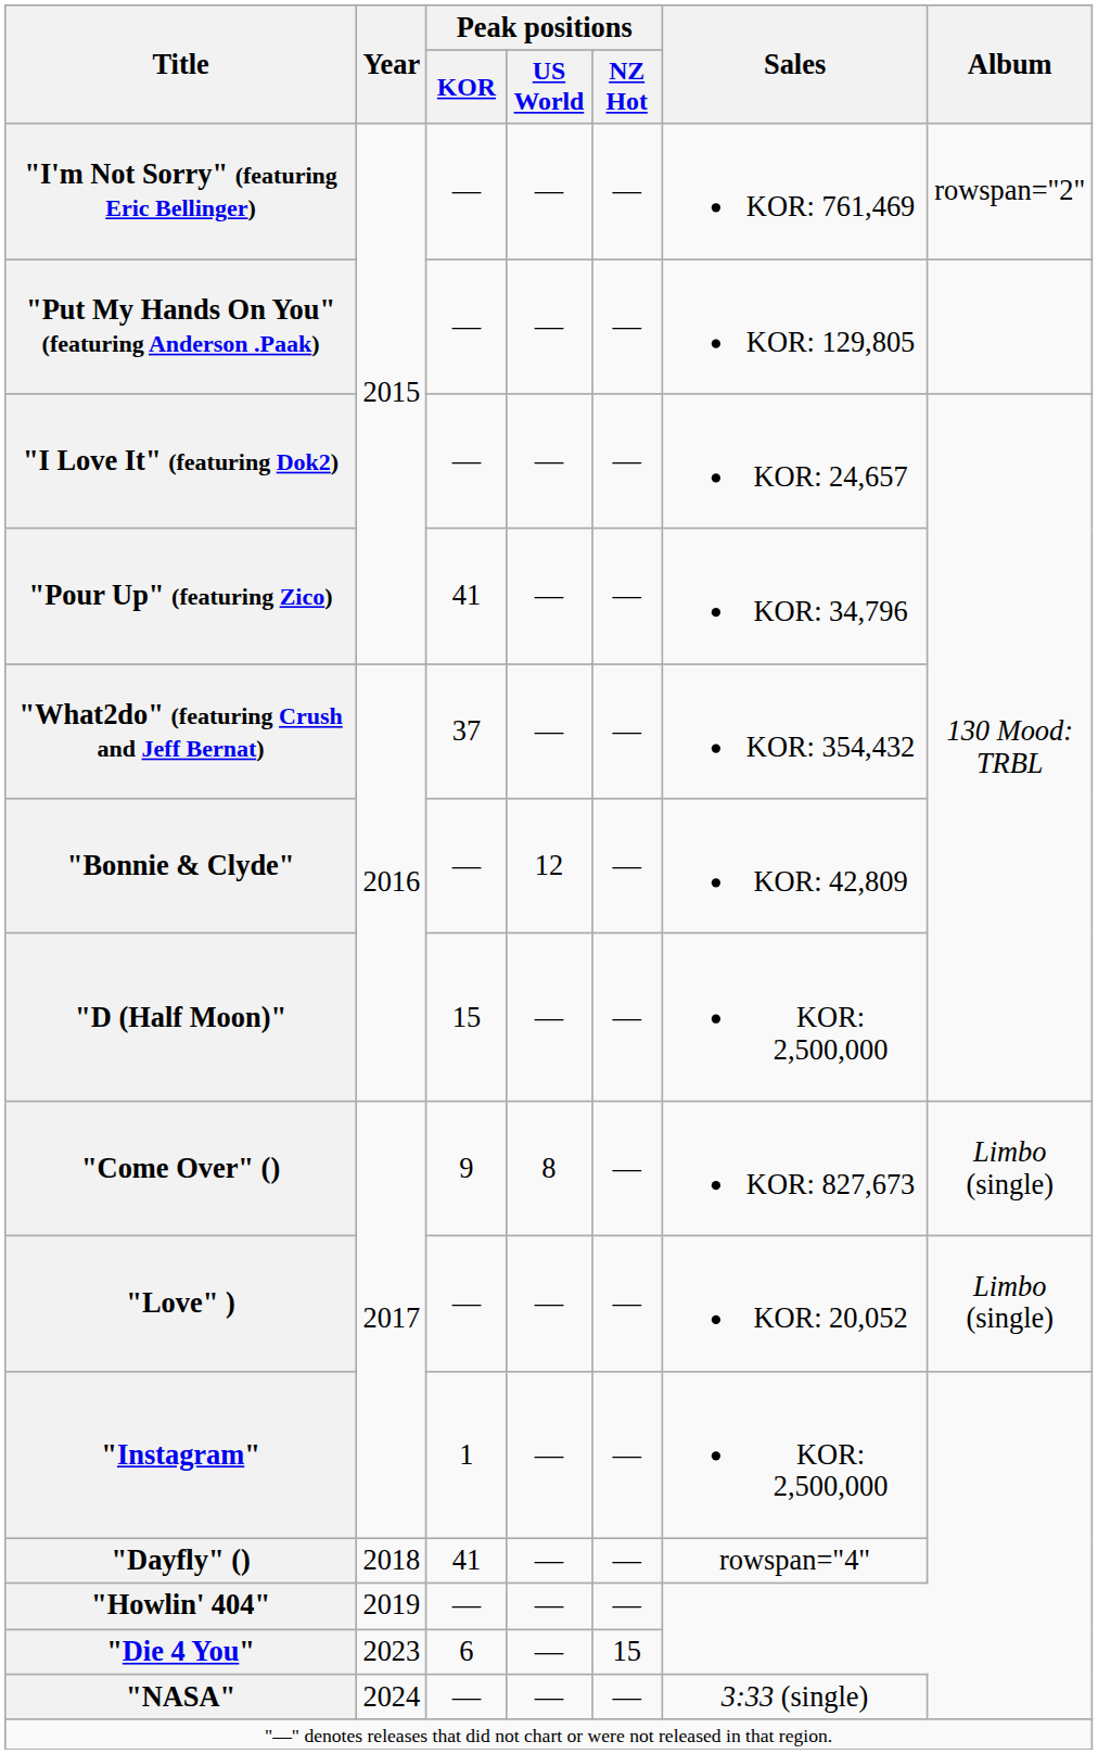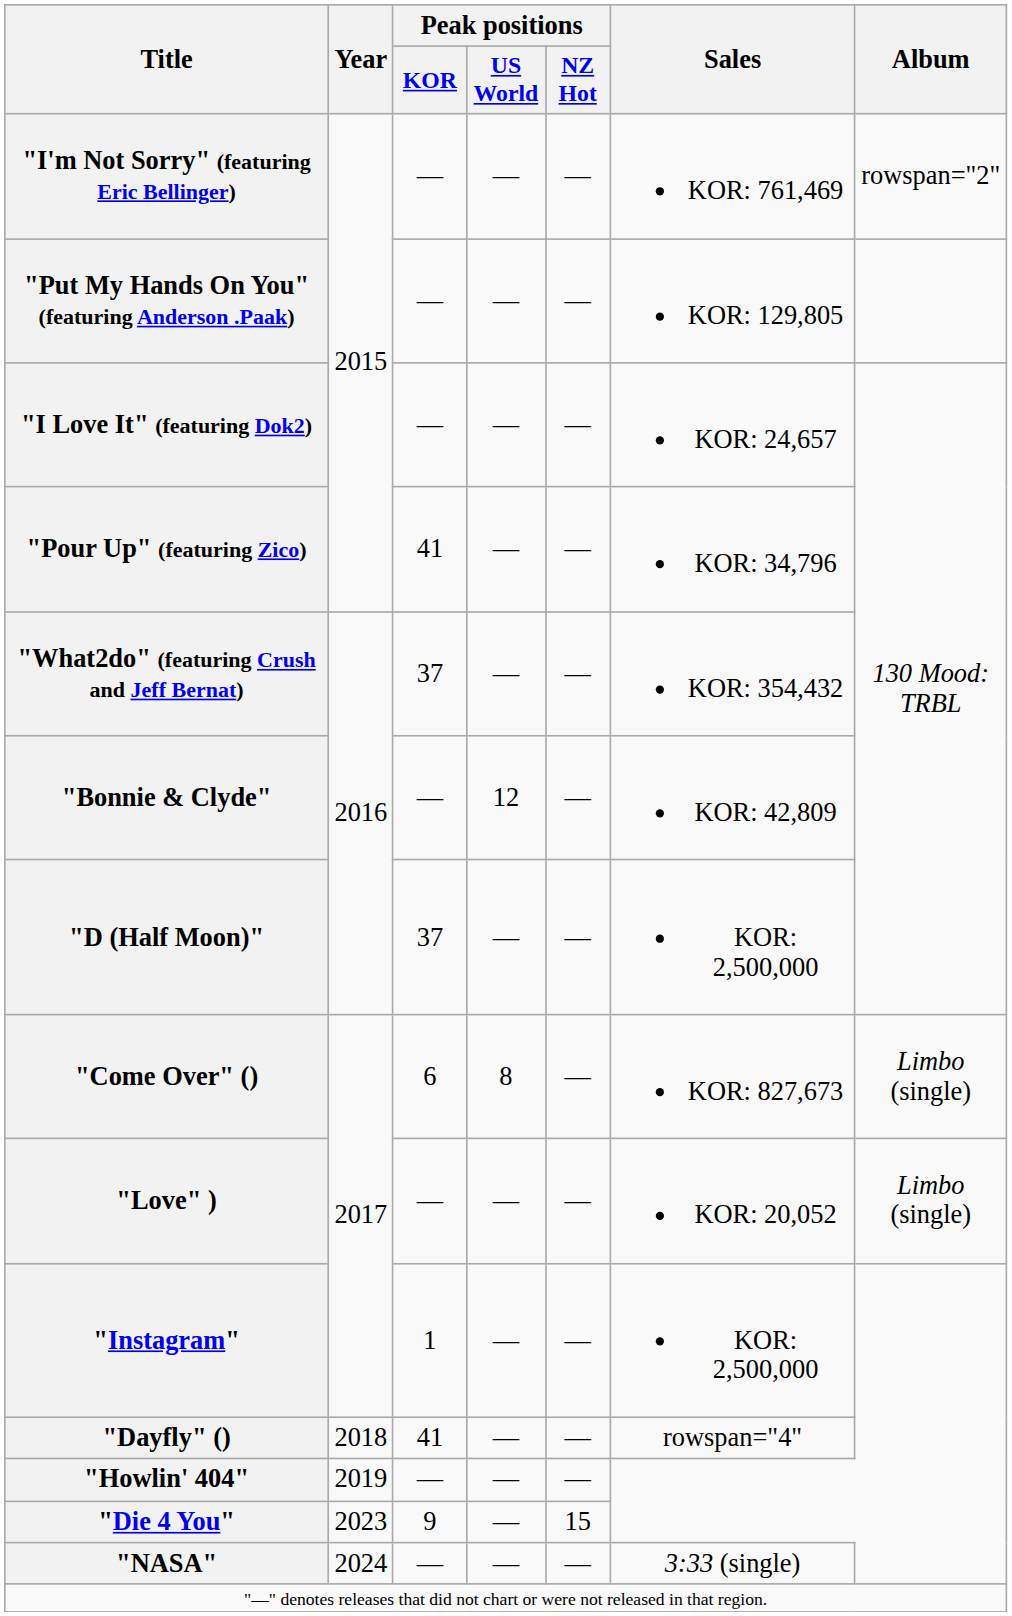 <table class="wikitable plainrowheaders" style="text-align:center;">
 <tr>
 <th scope="col" rowspan="2" style="width:19em;">Title</th>
 <th scope="col" rowspan="2">Year</th>
 <th scope="col" colspan="3">Peak positions</th>
 <th scope="col" rowspan="2" style="width:11.5em;">Sales</th>
 <th scope="col" rowspan="2">Album</th>
 </tr>
 <tr>
 <th scope="col" style="width:3em;font-size:90%;"><a href='#'>KOR</a><br></th>
 <th scope="col" style="width:3em;font-size:90%;"><a href='#'>US<br>World</a><br></th>
 <th scope="col" style="width:3em;font-size:90%;"><a href='#'>NZ<br>Hot</a><br></th>
 </tr>
 <tr>
 <th scope="row">"I'm Not Sorry" <small>(featuring <a href='#'>Eric Bellinger</a>)</small></th>
 <td rowspan=4>2015</td>
 <td>—</td>
 <td>—</td>
 <td>—</td>
 <td><br><ul><li>KOR: 761,469</li></ul></td>
 <td>rowspan="2" </td>
 </tr>
 <tr>
 <th scope="row">"Put My Hands On You" <br> <small>(featuring <a href='#'>Anderson .Paak</a>)</small></th>
 <td>—</td>
 <td>—</td>
 <td>—</td>
 <td><br><ul><li>KOR: 129,805</li></ul></td>
 </tr>
 <tr>
 <th scope="row">"I Love It" <small>(featuring <a href='#'>Dok2</a>)</small></th>
 <td>—</td>
 <td>—</td>
 <td>—</td>
 <td><br><ul><li>KOR: 24,657</li></ul></td>
 <td rowspan="5"><em>130 Mood: TRBL</em></td>
 </tr>
 <tr>
 <th scope="row">"Pour Up" <small>(featuring <a href='#'>Zico</a>)</small></th>
 <td>41</td>
 <td>—</td>
 <td>—</td>
 <td><br><ul><li>KOR: 34,796</li></ul></td>
 </tr>
 <tr>
 <th scope="row">"What2do" <small>(featuring <a href='#'>Crush</a> and <a href='#'>Jeff Bernat</a>)</small></th>
 <td rowspan="3">2016</td>
 <td>37</td>
 <td>—</td>
 <td>—</td>
 <td><br><ul><li>KOR: 354,432</li></ul></td>
 </tr>
 <tr>
 <th scope="row">"Bonnie & Clyde"</th>
 <td>—</td>
 <td>12</td>
 <td>—</td>
 <td><br><ul><li>KOR: 42,809</li></ul></td>
 </tr>
 <tr>
 <th scope="row">"D (Half Moon)" </th>
-<td>15</td>
+<td>37</td>
 <td>—</td>
 <td>—</td>
 <td><br><ul><li>KOR: 2,500,000</li></ul></td>
 </tr>
 <tr>
 <th scope="row">"Come Over" () </th>
 <td rowspan="3">2017</td>
-<td>9</td>
+<td>6</td>
 <td>8</td>
 <td>—</td>
 <td><br><ul><li>KOR: 827,673</li></ul></td>
 <td><em>Limbo</em> (single)</td>
 </tr>
 <tr>
 <th scope="row">"Love" )</th>
 <td>—</td>
 <td>—</td>
 <td>—</td>
 <td><br><ul><li>KOR: 20,052</li></ul></td>
 <td><em>Limbo</em> (single)</td>
 </tr>
 <tr>
 <th scope="row">"<a href='#'>Instagram</a>"</th>
 <td>1</td>
 <td>—</td>
 <td>—</td>
 <td><br><ul><li>KOR: 2,500,000</li></ul></td>
 </tr>
 <tr>
 <th scope="row">"Dayfly" () </th>
 <td>2018</td>
 <td>41</td>
 <td>—</td>
 <td>—</td>
 <td>rowspan="4" </td>
 </tr>
 <tr>
 <th scope="row">"Howlin' 404"</th>
 <td>2019</td>
 <td>—</td>
 <td>—</td>
 <td>—</td>
 </tr>
 <tr>
 <th scope="row">"<a href='#'>Die 4 You</a>"</th>
 <td>2023</td>
-<td>6</td>
+<td>9</td>
 <td>—</td>
 <td>15</td>
 </tr>
 <tr>
 <th scope="row">"NASA"  </th>
 <td>2024</td>
 <td>—</td>
 <td>—</td>
 <td>—</td>
 <td><em>3:33</em> (single)</td>
 </tr>
 <tr>
 <td align="center" colspan="8" style="font-size:8pt">"—" denotes releases that did not chart or were not released in that region.</td>
 </tr>
 </table>
